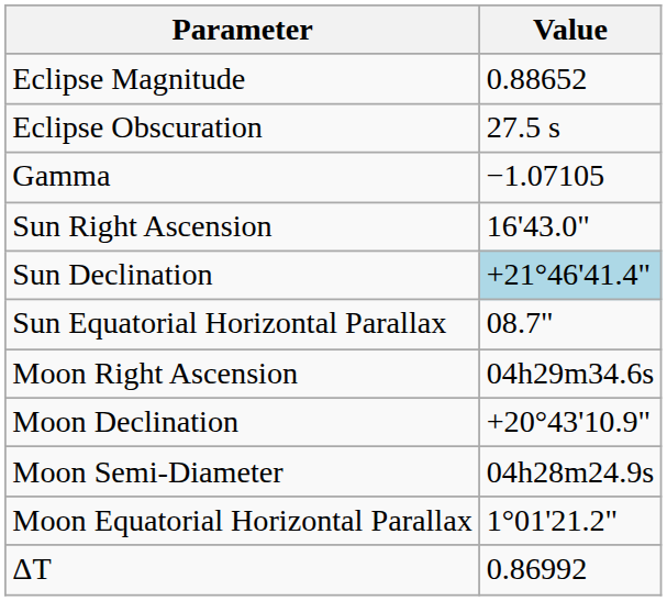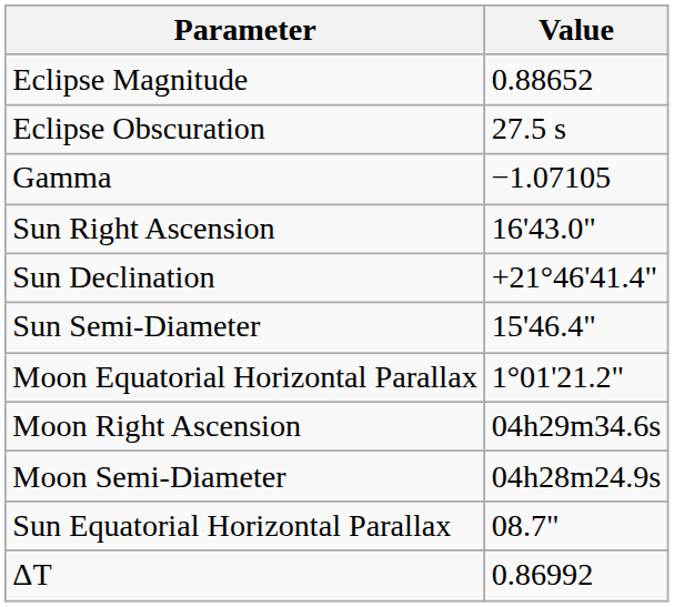 <table class="wikitable">
 <tr>
 <th>Parameter</th>
 <th>Value</th>
 </tr>
 <tr>
 <td>Eclipse Magnitude</td>
 <td>0.88652</td>
 </tr>
 <tr>
 <td>Eclipse Obscuration</td>
 <td>27.5 s</td>
 </tr>
 <tr>
 <td>Gamma</td>
 <td>−1.07105</td>
 </tr>
 <tr>
 <td>Sun Right Ascension</td>
 <td>16'43.0"</td>
 </tr>
 <tr>
 <td>Sun Declination</td>
-<td style="background: lightblue;">+21°46'41.4"</td>
+<td>+21°46'41.4"</td>
+</tr>
+<tr>
+<td>Sun Semi-Diameter</td>
+<td>15'46.4"</td>
+</tr>
+<tr>
+<td>Moon Equatorial Horizontal Parallax</td>
+<td>1°01'21.2"</td>
+</tr>
+<tr>
+<td>Moon Right Ascension</td>
+<td>04h29m34.6s</td>
+</tr>
+<tr>
+<td>Moon Semi-Diameter</td>
+<td>04h28m24.9s</td>
 </tr>
 <tr>
 <td>Sun Equatorial Horizontal Parallax</td>
 <td>08.7"</td>
 </tr>
 <tr>
-<td>Moon Right Ascension</td>
-<td>04h29m34.6s</td>
-</tr>
-<tr>
-<td>Moon Declination</td>
-<td>+20°43'10.9"</td>
-</tr>
-<tr>
-<td>Moon Semi-Diameter</td>
-<td>04h28m24.9s</td>
-</tr>
-<tr>
-<td>Moon Equatorial Horizontal Parallax</td>
-<td>1°01'21.2"</td>
-</tr>
-<tr>
 <td>ΔT</td>
 <td>0.86992</td>
 </tr>
 </table>
